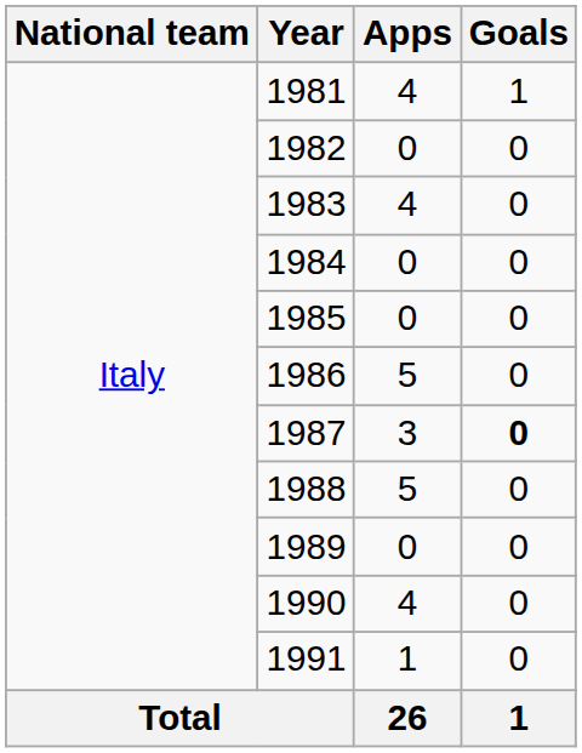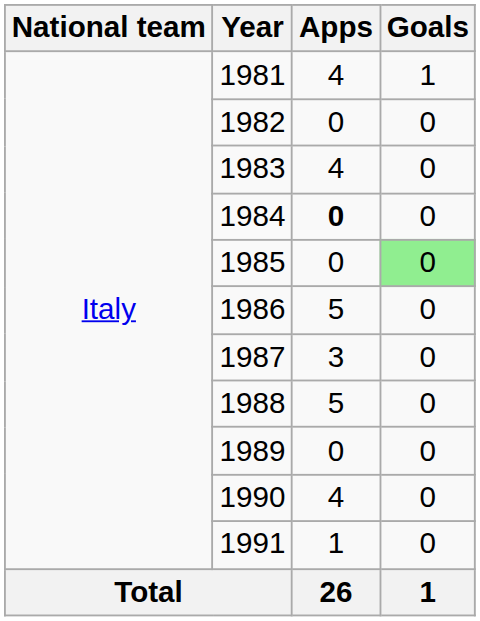 <table class="wikitable" style="text-align:center">
 <tr>
 <th>National team</th>
 <th>Year</th>
 <th>Apps</th>
 <th>Goals</th>
 </tr>
 <tr>
 <td rowspan="11"><a href='#'>Italy</a></td>
 <td>1981</td>
 <td>4</td>
 <td>1</td>
 </tr>
 <tr>
 <td>1982</td>
 <td>0</td>
 <td>0</td>
 </tr>
 <tr>
 <td>1983</td>
 <td>4</td>
 <td>0</td>
 </tr>
 <tr>
 <td>1984</td>
-<td>0</td>
+<td><strong>0</strong></td>
 <td>0</td>
 </tr>
 <tr>
 <td>1985</td>
 <td>0</td>
-<td>0</td>
+<td style="background: lightgreen;">0</td>
 </tr>
 <tr>
 <td>1986</td>
 <td>5</td>
 <td>0</td>
 </tr>
 <tr>
 <td>1987</td>
 <td>3</td>
-<td><strong>0</strong></td>
+<td>0</td>
 </tr>
 <tr>
 <td>1988</td>
 <td>5</td>
 <td>0</td>
 </tr>
 <tr>
 <td>1989</td>
 <td>0</td>
 <td>0</td>
 </tr>
 <tr>
 <td>1990</td>
 <td>4</td>
 <td>0</td>
 </tr>
 <tr>
 <td>1991</td>
 <td>1</td>
 <td>0</td>
 </tr>
 <tr>
 <th colspan="2">Total</th>
 <th>26</th>
 <th>1</th>
 </tr>
 </table>
